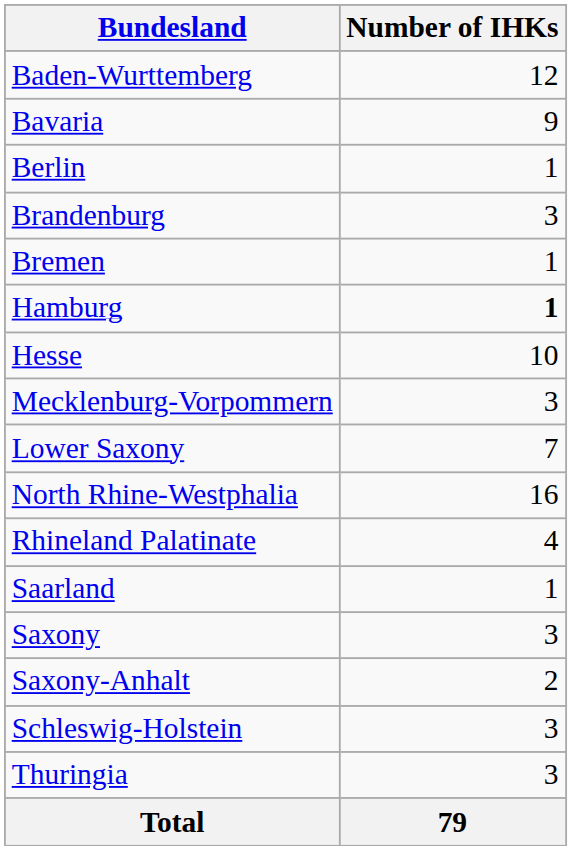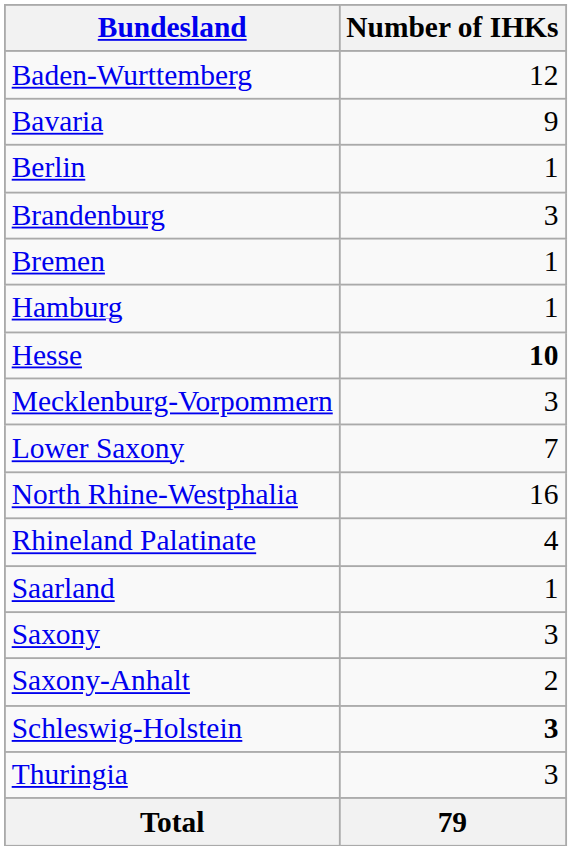 <table class="wikitable sortable">
 <tr>
 <th><a href='#'>Bundesland</a></th>
 <th>Number of IHKs</th>
 </tr>
 <tr>
 <td><a href='#'>Baden-Wurttemberg</a></td>
 <td style="text-align:right">12</td>
 </tr>
 <tr>
 <td><a href='#'>Bavaria</a></td>
 <td style="text-align:right">9</td>
 </tr>
 <tr>
 <td><a href='#'>Berlin</a></td>
 <td style="text-align:right">1</td>
 </tr>
 <tr>
 <td><a href='#'>Brandenburg</a></td>
 <td style="text-align:right">3</td>
 </tr>
 <tr>
 <td><a href='#'>Bremen</a></td>
 <td style="text-align:right">1</td>
 </tr>
 <tr>
 <td><a href='#'>Hamburg</a></td>
-<td style="text-align:right"><strong>1</strong></td>
+<td style="text-align:right">1</td>
 </tr>
 <tr>
 <td><a href='#'>Hesse</a></td>
-<td style="text-align:right">10</td>
+<td style="text-align:right"><strong>10</strong></td>
 </tr>
 <tr>
 <td><a href='#'>Mecklenburg-Vorpommern</a></td>
 <td style="text-align:right">3</td>
 </tr>
 <tr>
 <td><a href='#'>Lower Saxony</a></td>
 <td style="text-align:right">7</td>
 </tr>
 <tr>
 <td><a href='#'>North Rhine-Westphalia</a></td>
 <td style="text-align:right">16</td>
 </tr>
 <tr>
 <td><a href='#'>Rhineland Palatinate</a></td>
 <td style="text-align:right">4</td>
 </tr>
 <tr>
 <td><a href='#'>Saarland</a></td>
 <td style="text-align:right">1</td>
 </tr>
 <tr>
 <td><a href='#'>Saxony</a></td>
 <td style="text-align:right">3</td>
 </tr>
 <tr>
 <td><a href='#'>Saxony-Anhalt</a></td>
 <td style="text-align:right">2</td>
 </tr>
 <tr>
 <td><a href='#'>Schleswig-Holstein</a></td>
-<td style="text-align:right">3</td>
+<td style="text-align:right"><strong>3</strong></td>
 </tr>
 <tr>
 <td><a href='#'>Thuringia</a></td>
 <td style="text-align:right">3</td>
 </tr>
 <tr>
 <th>Total</th>
 <th>79</th>
 </tr>
 </table>
